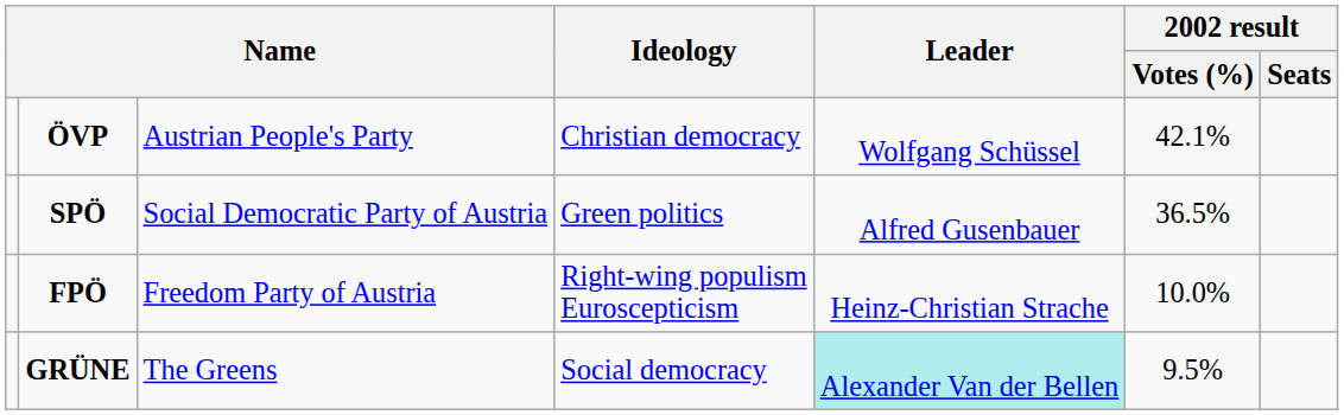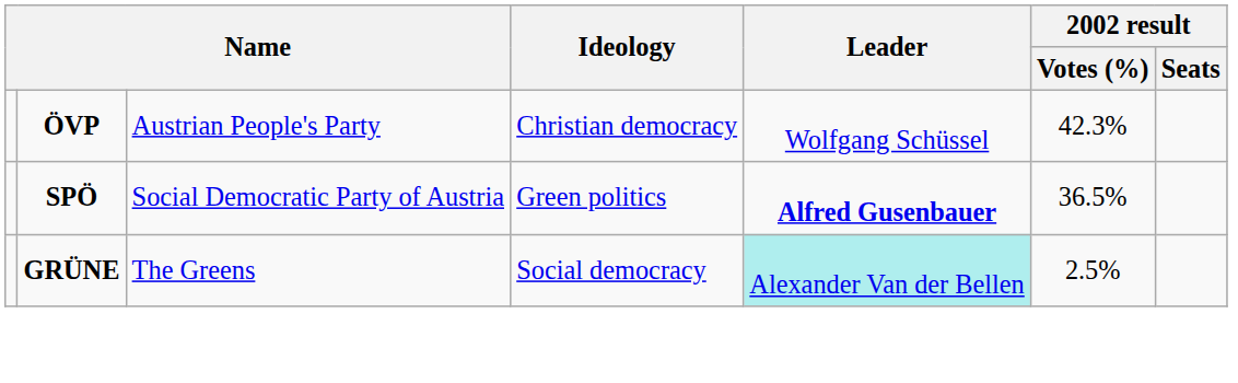 <table class="wikitable">
 <tr>
 <th rowspan="2" colspan="3">Name</th>
 <th rowspan="2">Ideology</th>
 <th rowspan="2">Leader</th>
 <th colspan="2">2002 result</th>
 </tr>
 <tr>
 <th>Votes (%)</th>
 <th>Seats</th>
 </tr>
 <tr>
 <td style="background:"></td>
 <td style="text-align:center;"><strong>ÖVP</strong></td>
 <td><a href='#'>Austrian People's Party</a><br></td>
 <td><a href='#'>Christian democracy</a></td>
 <td align=center><br><a href='#'>Wolfgang Schüssel</a></td>
-<td style="text-align:center;">42.1%</td>
+<td style="text-align:center;">42.3%</td>
 <td></td>
 </tr>
 <tr>
 <td style="background:"></td>
 <td style="text-align:center;"><strong>SPÖ</strong></td>
 <td><a href='#'>Social Democratic Party of Austria</a><br></td>
 <td><a href='#'>Green politics</a></td>
-<td align=center><br><a href='#'>Alfred Gusenbauer</a></td>
+<td align=center><strong><br><a href='#'>Alfred Gusenbauer</a></strong></td>
 <td style="text-align:center;">36.5%</td>
-<td></td>
-</tr>
-<tr>
-<td style="background:"></td>
-<td style="text-align:center;"><strong>FPÖ</strong></td>
-<td><a href='#'>Freedom Party of Austria</a><br></td>
-<td><a href='#'>Right-wing populism</a><br><a href='#'>Euroscepticism</a></td>
-<td align=center><br><a href='#'>Heinz-Christian Strache</a></td>
-<td style="text-align:center;">10.0%</td>
 <td></td>
 </tr>
 <tr>
 <td style="background:"></td>
 <td style="text-align:center;"><strong>GRÜNE</strong></td>
 <td><a href='#'>The Greens</a><br></td>
 <td><a href='#'>Social democracy</a></td>
 <td align=center style="background: paleturquoise;"><br><a href='#'>Alexander Van der Bellen</a></td>
-<td style="text-align:center;">9.5%</td>
+<td style="text-align:center;">2.5%</td>
 <td></td>
 </tr>
 </table>
